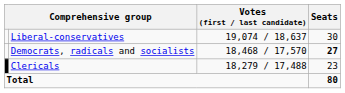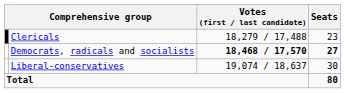 <table class="wikitable">
 <tr>
 <th colspan=2>Comprehensive group</th>
 <th>Votes<br><small>(first / last candidate)</small></th>
 <th>Seats</th>
+</tr>
+<tr>
+<td style="background-color:black"></td>
+<td><a href='#'>Clericals</a></td>
+<td align=right>18,279 / 17,488</td>
+<td align=right>23</td>
+</tr>
+<tr>
+<td style="background-color:"></td>
+<td><a href='#'>Democrats</a>, <a href='#'>radicals</a> and <a href='#'>socialists</a></td>
+<td align=right><strong>18,468 / 17,570</strong></td>
+<td align=right><strong>27</strong></td>
 </tr>
 <tr>
 <td style="background-color:"></td>
 <td><a href='#'>Liberal-conservatives</a></td>
 <td align=right>19,074 / 18,637</td>
 <td align=right>30</td>
 </tr>
 <tr>
-<td style="background-color:"></td>
-<td><a href='#'>Democrats</a>, <a href='#'>radicals</a> and <a href='#'>socialists</a></td>
-<td align=right>18,468 / 17,570</td>
-<td align=right><strong>27</strong></td>
-</tr>
-<tr>
-<td style="background-color:black"></td>
-<td><a href='#'>Clericals</a></td>
-<td align=right>18,279 / 17,488</td>
-<td align=right>23</td>
-</tr>
-<tr>
 <td colspan=3><strong>Total</strong></td>
 <td align=right><strong>80</strong></td>
 </tr>
 </table>
